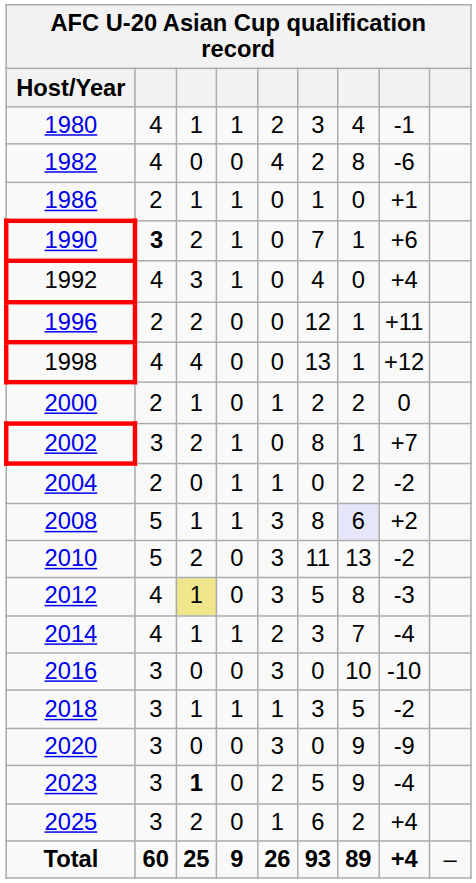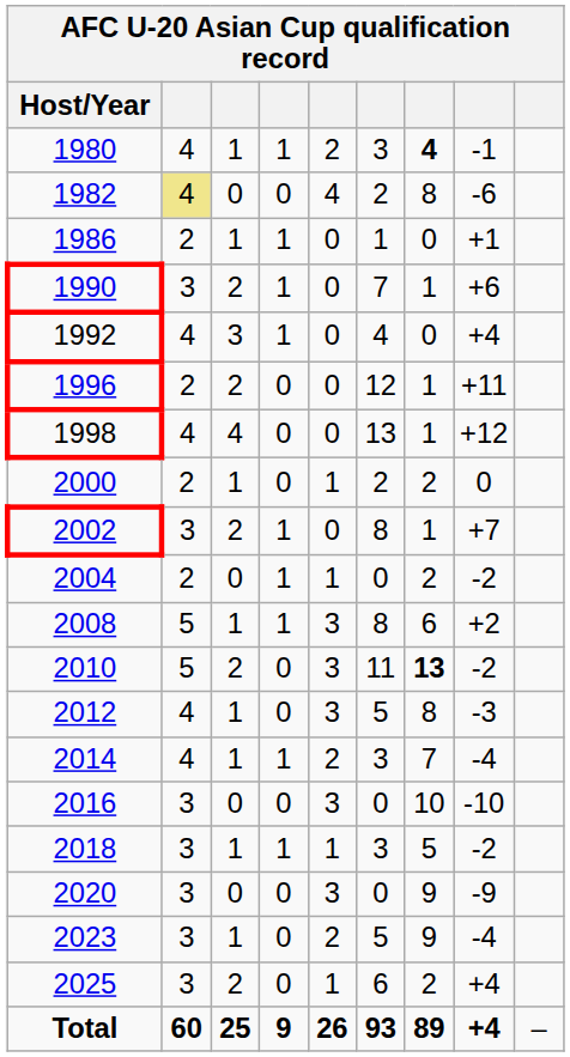 <table class="wikitable collapsible collapsed" style="text-align: center;">
 <tr>
 <th colspan=9>AFC U-20 Asian Cup qualification record</th>
 </tr>
 <tr>
 <th width="80">Host/Year</th>
 <th width="20"></th>
 <th width="20"></th>
 <th width="20"></th>
 <th width="20"></th>
 <th width="20"></th>
 <th width="20"></th>
 <th width="20"></th>
 <th width="20"></th>
 </tr>
 <tr>
 <td> <a href='#'>1980</a></td>
 <td>4</td>
 <td>1</td>
 <td>1</td>
 <td>2</td>
 <td>3</td>
-<td>4</td>
+<td><strong>4</strong></td>
 <td>-1</td>
 <td></td>
 </tr>
 <tr>
 <td> <a href='#'>1982</a></td>
-<td>4</td>
+<td style="background: khaki;">4</td>
 <td>0</td>
 <td>0</td>
 <td>4</td>
 <td>2</td>
 <td>8</td>
 <td>-6</td>
 <td></td>
 </tr>
 <tr>
 <td> <a href='#'>1986</a></td>
 <td>2</td>
 <td>1</td>
 <td>1</td>
 <td>0</td>
 <td>1</td>
 <td>0</td>
 <td>+1</td>
 <td></td>
 </tr>
 <tr>
 <td style="border: 3px solid red"> <a href='#'>1990</a></td>
-<td><strong>3</strong></td>
+<td>3</td>
 <td>2</td>
 <td>1</td>
 <td>0</td>
 <td>7</td>
 <td>1</td>
 <td>+6</td>
 <td></td>
 </tr>
 <tr>
 <td style="border: 3px solid red"> 1992</td>
 <td>4</td>
 <td>3</td>
 <td>1</td>
 <td>0</td>
 <td>4</td>
 <td>0</td>
 <td>+4</td>
 <td></td>
 </tr>
 <tr>
 <td style="border: 3px solid red"> <a href='#'>1996</a></td>
 <td>2</td>
 <td>2</td>
 <td>0</td>
 <td>0</td>
 <td>12</td>
 <td>1</td>
 <td>+11</td>
 <td></td>
 </tr>
 <tr>
 <td style="border: 3px solid red"> 1998</td>
 <td>4</td>
 <td>4</td>
 <td>0</td>
 <td>0</td>
 <td>13</td>
 <td>1</td>
 <td>+12</td>
 <td></td>
 </tr>
 <tr>
 <td> <a href='#'>2000</a></td>
 <td>2</td>
 <td>1</td>
 <td>0</td>
 <td>1</td>
 <td>2</td>
 <td>2</td>
 <td>0</td>
 <td></td>
 </tr>
 <tr>
 <td style="border: 3px solid red"> <a href='#'>2002</a></td>
 <td>3</td>
 <td>2</td>
 <td>1</td>
 <td>0</td>
 <td>8</td>
 <td>1</td>
 <td>+7</td>
 <td></td>
 </tr>
 <tr>
 <td> <a href='#'>2004</a></td>
 <td>2</td>
 <td>0</td>
 <td>1</td>
 <td>1</td>
 <td>0</td>
 <td>2</td>
 <td>-2</td>
 <td></td>
 </tr>
 <tr>
 <td> <a href='#'>2008</a></td>
 <td>5</td>
 <td>1</td>
 <td>1</td>
 <td>3</td>
 <td>8</td>
-<td style="background: lavender;">6</td>
+<td>6</td>
 <td>+2</td>
 <td></td>
 </tr>
 <tr>
 <td> <a href='#'>2010</a></td>
 <td>5</td>
 <td>2</td>
 <td>0</td>
 <td>3</td>
 <td>11</td>
-<td>13</td>
+<td><strong>13</strong></td>
 <td>-2</td>
 <td></td>
 </tr>
 <tr>
 <td> <a href='#'>2012</a></td>
 <td>4</td>
-<td style="background: khaki;">1</td>
+<td>1</td>
 <td>0</td>
 <td>3</td>
 <td>5</td>
 <td>8</td>
 <td>-3</td>
 <td></td>
 </tr>
 <tr>
 <td> <a href='#'>2014</a></td>
 <td>4</td>
 <td>1</td>
 <td>1</td>
 <td>2</td>
 <td>3</td>
 <td>7</td>
 <td>-4</td>
 <td></td>
 </tr>
 <tr>
 <td> <a href='#'>2016</a></td>
 <td>3</td>
 <td>0</td>
 <td>0</td>
 <td>3</td>
 <td>0</td>
 <td>10</td>
 <td>-10</td>
 <td></td>
 </tr>
 <tr>
 <td> <a href='#'>2018</a></td>
 <td>3</td>
 <td>1</td>
 <td>1</td>
 <td>1</td>
 <td>3</td>
 <td>5</td>
 <td>-2</td>
 <td></td>
 </tr>
 <tr>
 <td> <a href='#'>2020</a></td>
 <td>3</td>
 <td>0</td>
 <td>0</td>
 <td>3</td>
 <td>0</td>
 <td>9</td>
 <td>-9</td>
 <td></td>
 </tr>
 <tr>
 <td> <a href='#'>2023</a></td>
 <td>3</td>
-<td><strong>1</strong></td>
+<td>1</td>
 <td>0</td>
 <td>2</td>
 <td>5</td>
 <td>9</td>
 <td>-4</td>
 <td></td>
 </tr>
 <tr>
 <td> <a href='#'>2025</a></td>
 <td>3</td>
 <td>2</td>
 <td>0</td>
 <td>1</td>
 <td>6</td>
 <td>2</td>
 <td>+4</td>
 <td></td>
 </tr>
 <tr>
 <td><strong>Total</strong></td>
 <td><strong>60</strong></td>
 <td><strong>25</strong></td>
 <td><strong>9</strong></td>
 <td><strong>26</strong></td>
 <td><strong>93</strong></td>
 <td><strong>89</strong></td>
 <td><strong>+4</strong></td>
 <td>–</td>
 </tr>
 </table>
